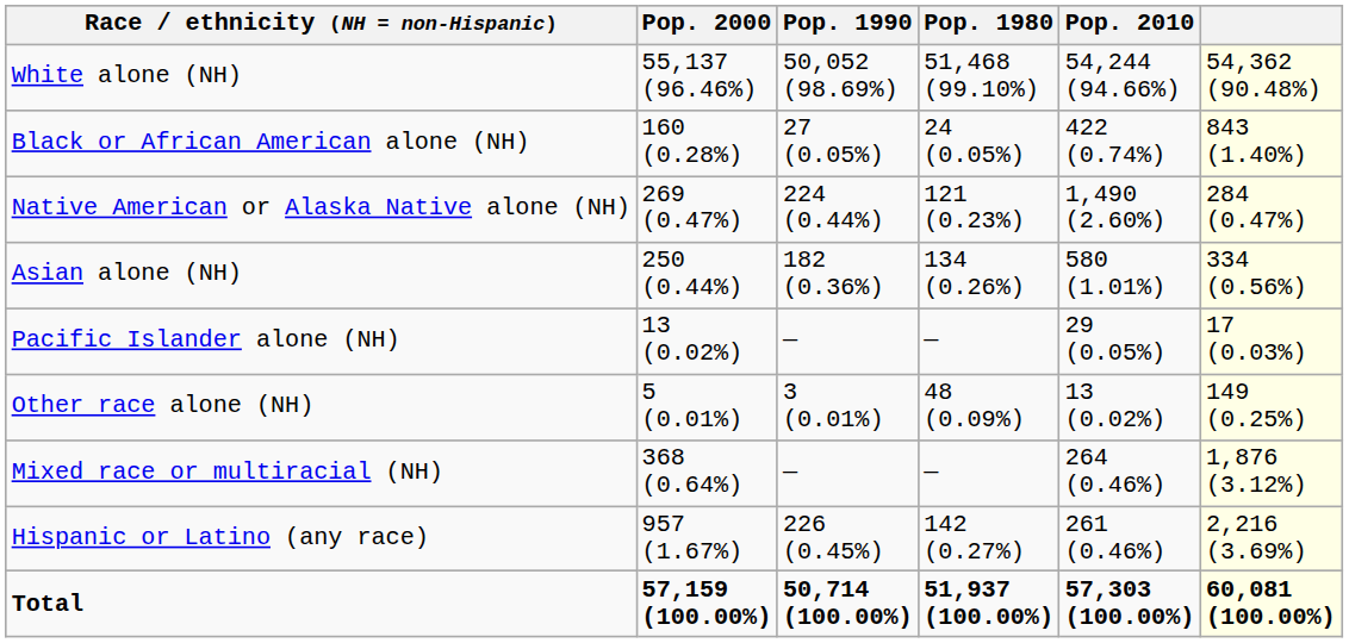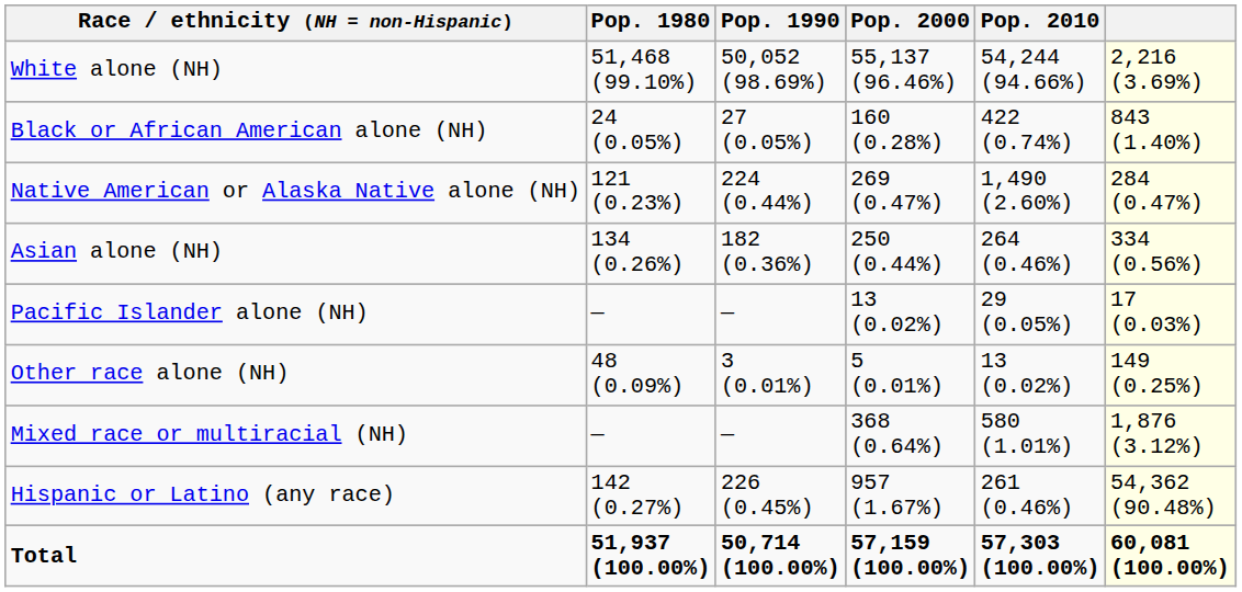 <table class="wikitable sortable collapsible" style="font-size: 95%;">
 <tr>
 <th>Race / ethnicity <small>(<em>NH = non-Hispanic</em>)</small></th>
+<th>Pop. 1980</th>
+<th>Pop. 1990</th>
 <th>Pop. 2000</th>
-<th>Pop. 1990</th>
-<th>Pop. 1980</th>
 <th>Pop. 2010</th>
 <th></th>
 </tr>
 <tr>
 <td><a href='#'>White</a> alone (NH)</td>
+<td>51,468<br>(99.10%)</td>
+<td>50,052<br>(98.69%)</td>
 <td>55,137<br>(96.46%)</td>
-<td>50,052<br>(98.69%)</td>
-<td>51,468<br>(99.10%)</td>
 <td>54,244<br>(94.66%)</td>
-<td style='background: #ffffe6;'>54,362<br>(90.48%)</td>
+<td style='background: #ffffe6;'>2,216<br>(3.69%)</td>
 </tr>
 <tr>
 <td><a href='#'>Black or African American</a> alone (NH)</td>
+<td>24<br>(0.05%)</td>
+<td>27<br>(0.05%)</td>
 <td>160<br>(0.28%)</td>
-<td>27<br>(0.05%)</td>
-<td>24<br>(0.05%)</td>
 <td>422<br>(0.74%)</td>
 <td style='background: #ffffe6;'>843<br>(1.40%)</td>
 </tr>
 <tr>
 <td><a href='#'>Native American</a> or <a href='#'>Alaska Native</a> alone (NH)</td>
+<td>121<br>(0.23%)</td>
+<td>224<br>(0.44%)</td>
 <td>269<br>(0.47%)</td>
-<td>224<br>(0.44%)</td>
-<td>121<br>(0.23%)</td>
 <td>1,490<br>(2.60%)</td>
 <td style='background: #ffffe6;'>284<br>(0.47%)</td>
 </tr>
 <tr>
 <td><a href='#'>Asian</a> alone (NH)</td>
+<td>134<br>(0.26%)</td>
+<td>182<br>(0.36%)</td>
 <td>250<br>(0.44%)</td>
-<td>182<br>(0.36%)</td>
-<td>134<br>(0.26%)</td>
-<td>580<br>(1.01%)</td>
+<td>264<br>(0.46%)</td>
 <td style='background: #ffffe6;'>334<br>(0.56%)</td>
 </tr>
 <tr>
 <td><a href='#'>Pacific Islander</a> alone (NH)</td>
-<td>13<br>(0.02%)</td>
 <td>—</td>
 <td>—</td>
+<td>13<br>(0.02%)</td>
 <td>29<br>(0.05%)</td>
 <td style='background: #ffffe6;'>17<br>(0.03%)</td>
 </tr>
 <tr>
 <td><a href='#'>Other race</a> alone (NH)</td>
+<td>48<br>(0.09%)</td>
+<td>3<br>(0.01%)</td>
 <td>5<br>(0.01%)</td>
-<td>3<br>(0.01%)</td>
-<td>48<br>(0.09%)</td>
 <td>13<br>(0.02%)</td>
 <td style='background: #ffffe6;'>149<br>(0.25%)</td>
 </tr>
 <tr>
 <td><a href='#'>Mixed race or multiracial</a> (NH)</td>
-<td>368<br>(0.64%)</td>
 <td>—</td>
 <td>—</td>
-<td>264<br>(0.46%)</td>
+<td>368<br>(0.64%)</td>
+<td>580<br>(1.01%)</td>
 <td style='background: #ffffe6;'>1,876<br>(3.12%)</td>
 </tr>
 <tr>
 <td><a href='#'>Hispanic or Latino</a> (any race)</td>
+<td>142<br>(0.27%)</td>
+<td>226<br>(0.45%)</td>
 <td>957<br>(1.67%)</td>
-<td>226<br>(0.45%)</td>
-<td>142<br>(0.27%)</td>
 <td>261<br>(0.46%)</td>
-<td style='background: #ffffe6;'>2,216<br>(3.69%)</td>
+<td style='background: #ffffe6;'>54,362<br>(90.48%)</td>
 </tr>
 <tr>
 <td><strong>Total</strong></td>
+<td><strong>51,937<br>(100.00%)</strong></td>
+<td><strong>50,714<br>(100.00%)</strong></td>
 <td><strong>57,159<br>(100.00%)</strong></td>
-<td><strong>50,714<br>(100.00%)</strong></td>
-<td><strong>51,937<br>(100.00%)</strong></td>
 <td><strong>57,303<br>(100.00%)</strong></td>
 <td style='background: #ffffe6;'><strong>60,081<br>(100.00%)</strong></td>
 </tr>
 </table>
